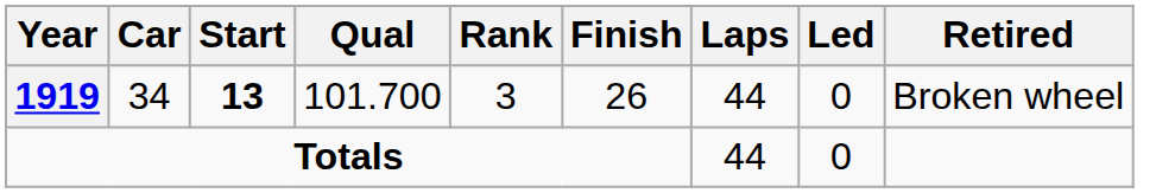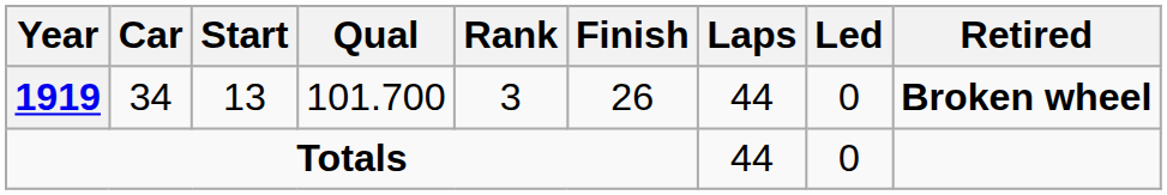 <table class="wikitable" style="text-align:center">
 <tr>
 <th>Year</th>
 <th>Car</th>
 <th>Start</th>
 <th>Qual</th>
 <th>Rank</th>
 <th>Finish</th>
 <th>Laps</th>
 <th>Led</th>
 <th>Retired</th>
 </tr>
 <tr>
 <th><a href='#'>1919</a></th>
 <td>34</td>
-<td><strong>13</strong></td>
+<td>13</td>
 <td>101.700</td>
 <td>3</td>
 <td>26</td>
 <td>44</td>
 <td>0</td>
-<td>Broken wheel</td>
+<td><strong>Broken wheel</strong></td>
 </tr>
 <tr>
 <td colspan=6><strong>Totals</strong></td>
 <td>44</td>
 <td>0</td>
 <td></td>
 </tr>
 </table>
